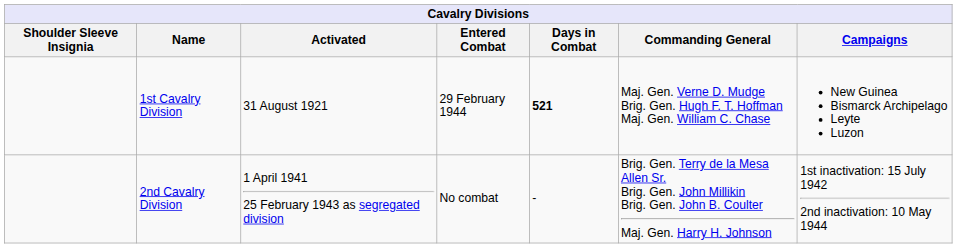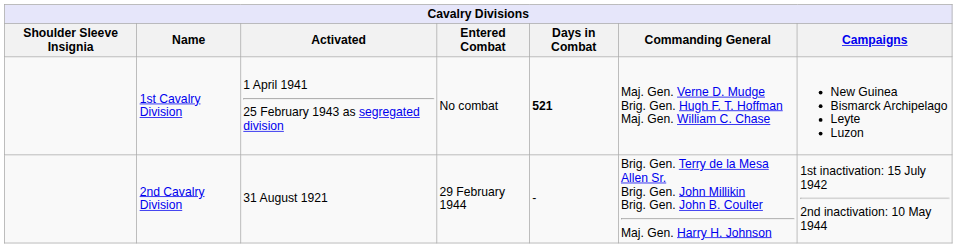 <table class="wikitable">
 <tr>
 <th style="align: center; background: lavender;" colspan="7">Cavalry Divisions</th>
 </tr>
 <tr>
 <th style="text-align: center; ">Shoulder Sleeve Insignia</th>
 <th style="text-align: center; ">Name</th>
 <th style="text-align: center; ">Activated</th>
 <th style="text-align: center; ">Entered Combat</th>
 <th style="text-align: center; ">Days in Combat</th>
 <th style="text-align: center; ">Commanding General</th>
 <th style="text-align: center; "><a href='#'>Campaigns</a></th>
 </tr>
 <tr>
 <td></td>
 <td><a href='#'>1st Cavalry Division</a></td>
-<td>31 August 1921</td>
-<td>29 February 1944</td>
+<td>1 April 1941<hr>25 February 1943 as <a href='#'>segregated division</a></td>
+<td>No combat</td>
 <td><strong>521</strong></td>
 <td>Maj. Gen. <a href='#'>Verne D. Mudge</a><br>Brig. Gen. <a href='#'>Hugh F. T. Hoffman </a><br>Maj. Gen. <a href='#'>William C. Chase</a></td>
 <td><br><ul><li>New Guinea</li><li>Bismarck Archipelago</li><li>Leyte</li><li>Luzon</li></ul></td>
 </tr>
 <tr>
 <td></td>
 <td><a href='#'>2nd Cavalry Division</a></td>
-<td>1 April 1941<hr>25 February 1943 as <a href='#'>segregated division</a></td>
-<td>No combat</td>
+<td>31 August 1921</td>
+<td>29 February 1944</td>
 <td>-</td>
 <td>Brig. Gen. <a href='#'>Terry de la Mesa Allen Sr.</a><br>Brig. Gen. <a href='#'>John Millikin</a><br>Brig. Gen. <a href='#'>John B. Coulter</a><hr>Maj. Gen. <a href='#'>Harry H. Johnson</a></td>
 <td>1st inactivation: 15 July 1942<hr>2nd inactivation: 10 May 1944</td>
 </tr>
 </table>
